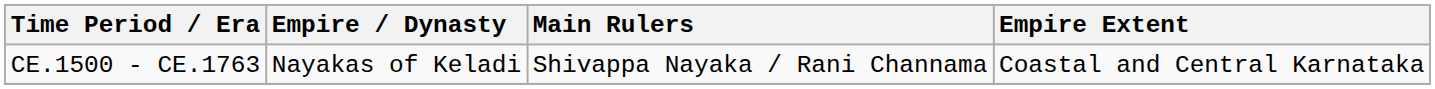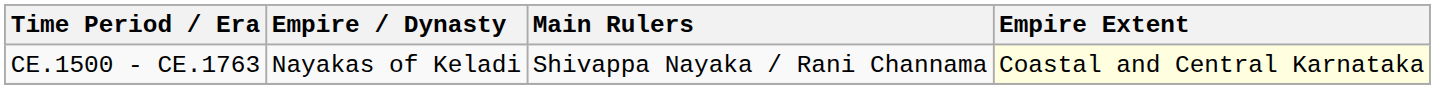 <table class="wikitable">
 <tr>
 <th style="text-align: left;">Time Period / Era</th>
 <th style="text-align: left;">Empire / Dynasty</th>
 <th style="text-align: left;">Main Rulers</th>
 <th style="text-align: left;">Empire Extent</th>
 </tr>
 <tr>
 <td>CE.1500 - CE.1763</td>
 <td>Nayakas of Keladi</td>
 <td>Shivappa Nayaka / Rani Channama</td>
-<td>Coastal and Central Karnataka</td>
+<td style="background: lightyellow;">Coastal and Central Karnataka</td>
 </tr>
 <tr>
 </tr>
 </table>
